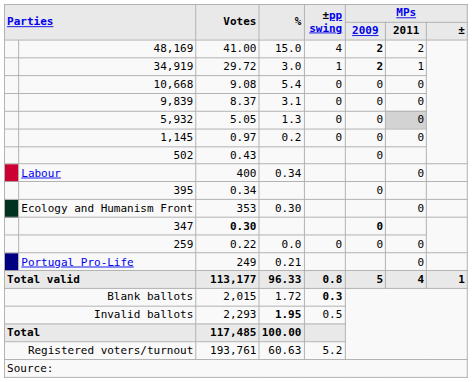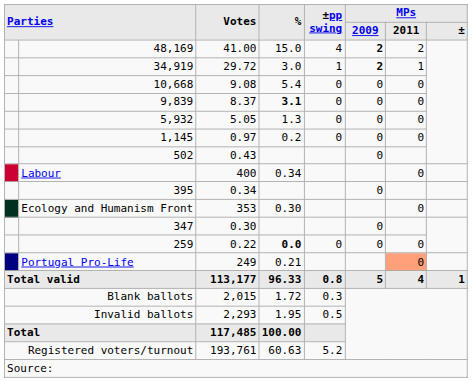 <table class="wikitable" style="text-align:right; font-size:95%;">
 <tr>
 <th rowspan="2" colspan="2" style="background:#e9e9e9; text-align:left;" alignleft><a href='#'>Parties</a></th>
 <th rowspan="2" style="background:#e9e9e9; text-align:right;">Votes</th>
 <th rowspan="2" style="background:#e9e9e9; text-align:right;">%</th>
 <th rowspan="2" style="background:#e9e9e9; text-align:right;">±<a href='#'>pp</a> <a href='#'>swing</a></th>
 <th colspan="3" style="background:#e9e9e9; text-align:center;"><a href='#'>MPs</a></th>
 </tr>
 <tr style="background-color:#E9E9E9">
 <th style="background-color:#E9E9E9;text-align:center;"><a href='#'>2009</a></th>
 <th style="background-color:#E9E9E9;text-align:center;">2011</th>
 <th style="background:#e9e9e9; text-align:right;">±</th>
 </tr>
 <tr>
 <td></td>
 <td>48,169</td>
 <td>41.00</td>
 <td>15.0</td>
 <td>4</td>
 <td><strong>2</strong></td>
 <td>2</td>
 </tr>
 <tr>
 <td></td>
 <td>34,919</td>
 <td>29.72</td>
 <td>3.0</td>
 <td>1</td>
 <td><strong>2</strong></td>
 <td>1</td>
 </tr>
 <tr>
 <td></td>
 <td>10,668</td>
 <td>9.08</td>
 <td>5.4</td>
 <td>0</td>
 <td>0</td>
 <td>0</td>
 </tr>
 <tr>
 <td></td>
 <td>9,839</td>
 <td>8.37</td>
-<td>3.1</td>
+<td><strong>3.1</strong></td>
 <td>0</td>
 <td>0</td>
 <td>0</td>
 </tr>
 <tr>
 <td></td>
 <td>5,932</td>
 <td>5.05</td>
 <td>1.3</td>
 <td>0</td>
 <td>0</td>
-<td style="background: lightgrey;">0</td>
+<td>0</td>
 </tr>
 <tr>
 <td></td>
 <td>1,145</td>
 <td>0.97</td>
 <td>0.2</td>
 <td>0</td>
 <td>0</td>
 <td>0</td>
 </tr>
 <tr>
 <td></td>
 <td>502</td>
 <td>0.43</td>
 <td></td>
 <td></td>
 <td>0</td>
 <td></td>
 </tr>
 <tr>
 <td style="width: 10px" bgcolor=#CC0033 align="center"></td>
 <td align=left><a href='#'>Labour</a></td>
 <td>400</td>
 <td>0.34</td>
 <td></td>
 <td></td>
 <td>0</td>
 <td></td>
 </tr>
 <tr>
 <td></td>
 <td>395</td>
 <td>0.34</td>
 <td></td>
 <td></td>
 <td>0</td>
 <td></td>
 </tr>
 <tr>
 <td style="width:10px;background-color:#013220;text-align:center;"></td>
 <td style="text-align:left;">Ecology and Humanism Front </td>
 <td>353</td>
 <td>0.30</td>
 <td></td>
 <td></td>
 <td>0</td>
 <td></td>
 </tr>
 <tr>
 <td></td>
 <td>347</td>
-<td><strong>0.30</strong></td>
+<td>0.30</td>
 <td></td>
 <td></td>
-<td><strong>0</strong></td>
+<td>0</td>
 <td></td>
 </tr>
 <tr>
 <td></td>
 <td>259</td>
 <td>0.22</td>
-<td>0.0</td>
+<td><strong>0.0</strong></td>
 <td>0</td>
 <td>0</td>
 <td>0</td>
 </tr>
 <tr>
 <td style="width:10px;background-color:#000080;text-align:center;"></td>
 <td style="text-align:left;"><a href='#'>Portugal Pro-Life</a></td>
 <td>249</td>
 <td>0.21</td>
 <td></td>
 <td></td>
-<td>0</td>
+<td style="background: lightsalmon;">0</td>
 <td></td>
 </tr>
 <tr>
 <td colspan=2 align=left style="background-color:#E9E9E9"><strong>Total valid</strong></td>
 <td width="65" align="right" style="background-color:#E9E9E9"><strong>113,177</strong></td>
 <td width="40" align="right" style="background-color:#E9E9E9"><strong>96.33</strong></td>
 <td width="40" align="right" style="background-color:#E9E9E9"><strong>0.8</strong></td>
 <td width="40" align="right" style="background-color:#E9E9E9"><strong>5</strong></td>
 <td width="40" align="right" style="background-color:#E9E9E9"><strong>4</strong></td>
 <td width="40" align="right" style="background-color:#E9E9E9"><strong>1</strong></td>
 </tr>
 <tr>
 <td colspan=2>Blank ballots</td>
 <td>2,015</td>
 <td>1.72</td>
-<td><strong>0.3</strong></td>
+<td>0.3</td>
 <td colspan=4 rowspan=4></td>
 </tr>
 <tr>
 <td colspan=2>Invalid ballots</td>
 <td>2,293</td>
-<td><strong>1.95</strong></td>
+<td>1.95</td>
 <td>0.5</td>
 </tr>
 <tr>
 <td colspan=2 align=left style="background-color:#E9E9E9"><strong>Total</strong></td>
 <td width="50" align="right" style="background-color:#E9E9E9"><strong>117,485</strong></td>
 <td width="40" align="right" style="background-color:#E9E9E9"><strong>100.00</strong></td>
 <td width="40" align="right" style="background-color:#E9E9E9"></td>
 </tr>
 <tr>
 <td colspan=2>Registered voters/turnout</td>
 <td>193,761</td>
 <td>60.63</td>
 <td>5.2</td>
 </tr>
 <tr>
 <td colspan=11 align=left>Source: </td>
 </tr>
 </table>
